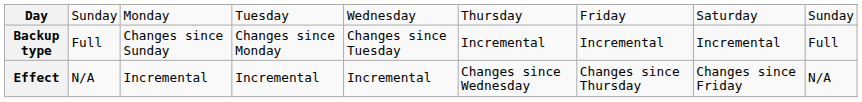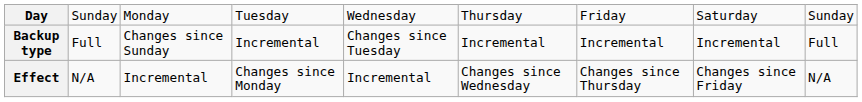 <table class="wikitable">
 <tr>
 <th scope="row">Day</th>
 <td>Sunday</td>
 <td>Monday</td>
 <td>Tuesday</td>
 <td>Wednesday</td>
 <td>Thursday</td>
 <td>Friday</td>
 <td>Saturday</td>
 <td>Sunday</td>
 </tr>
 <tr>
 <th scope="row">Backup type</th>
 <td>Full</td>
 <td>Changes since Sunday</td>
-<td>Changes since Monday</td>
+<td>Incremental</td>
 <td>Changes since Tuesday</td>
 <td>Incremental</td>
 <td>Incremental</td>
 <td>Incremental</td>
 <td>Full</td>
 </tr>
 <tr>
 <th scope="row">Effect</th>
 <td>N/A</td>
 <td>Incremental</td>
-<td>Incremental</td>
+<td>Changes since Monday</td>
 <td>Incremental</td>
 <td>Changes since Wednesday</td>
 <td>Changes since Thursday</td>
 <td>Changes since Friday</td>
 <td>N/A</td>
 </tr>
 </table>
